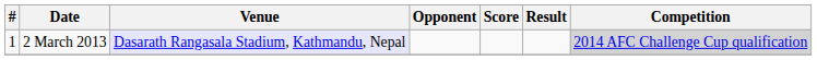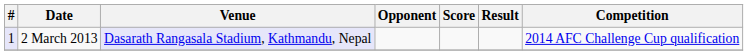 <table class="wikitable sortable" style="font-size:90%">
 <tr>
 <th>#</th>
 <th>Date</th>
 <th>Venue</th>
 <th>Opponent</th>
 <th>Score</th>
 <th>Result</th>
 <th>Competition</th>
 </tr>
 <tr>
-<td>1</td>
+<td style="background: lavender;">1</td>
 <td>2 March 2013</td>
 <td style="background: lavender;"><a href='#'>Dasarath Rangasala Stadium</a>, <a href='#'>Kathmandu</a>, Nepal</td>
 <td></td>
 <td></td>
 <td></td>
-<td style="background: lightgrey;"><a href='#'>2014 AFC Challenge Cup qualification</a></td>
+<td><a href='#'>2014 AFC Challenge Cup qualification</a></td>
 </tr>
 <tr>
 </tr>
 </table>
